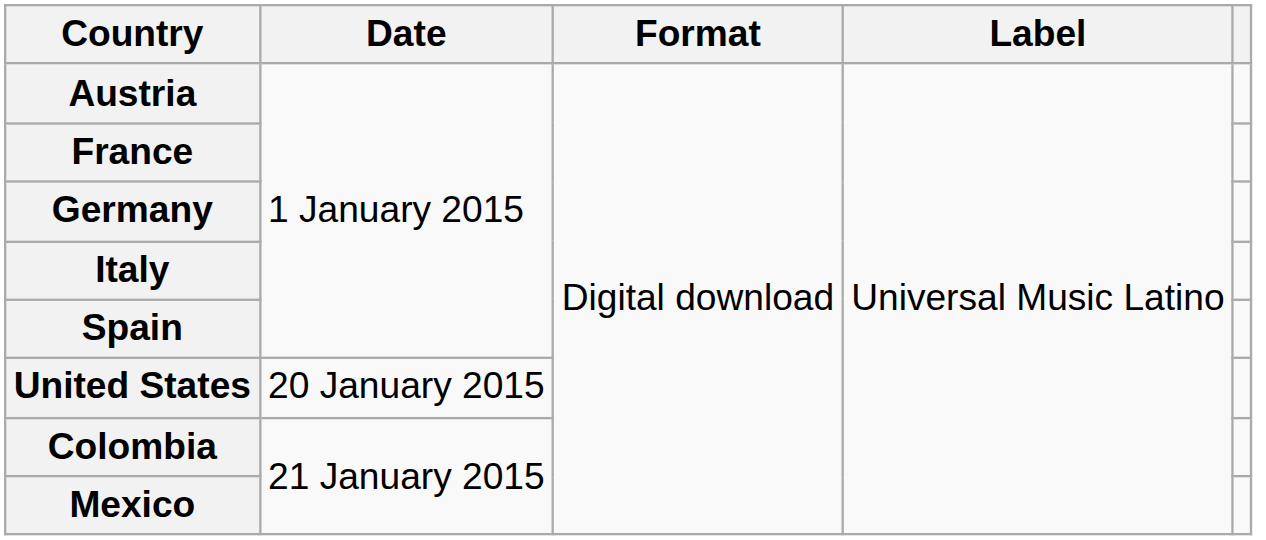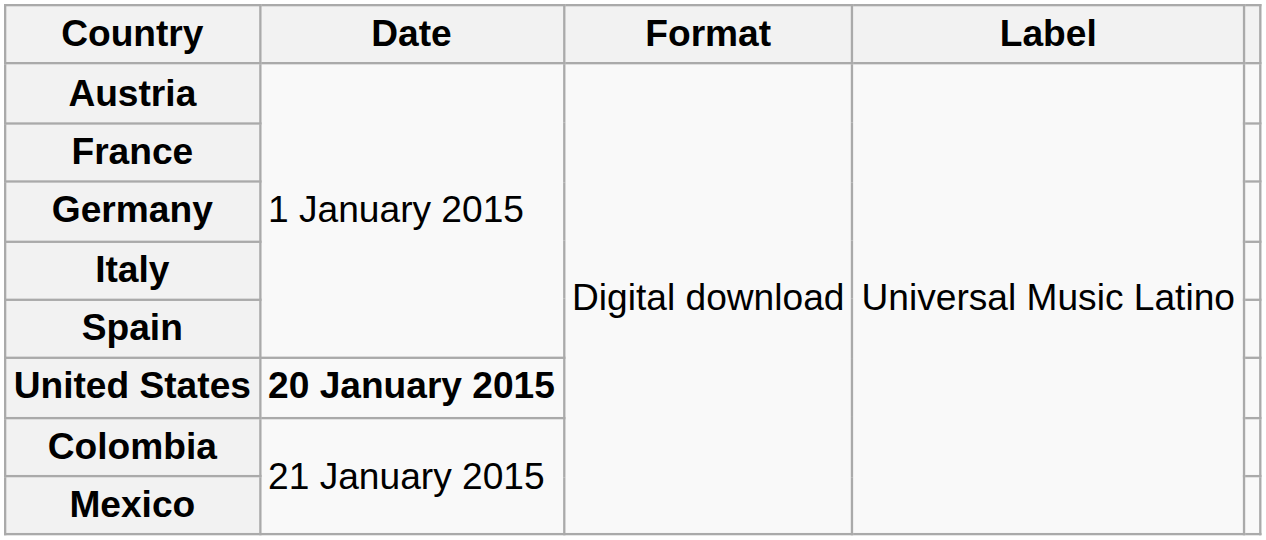 <table class="wikitable plainrowheaders">
 <tr>
 <th scope="col">Country</th>
 <th scope="col">Date</th>
 <th scope="col">Format</th>
 <th scope="col">Label</th>
 <th scope="col"></th>
 </tr>
 <tr>
 <th scope="row">Austria</th>
 <td rowspan="5">1 January 2015</td>
 <td rowspan="8">Digital download</td>
 <td rowspan="8">Universal Music Latino</td>
 <td></td>
 </tr>
 <tr>
 <th scope="row">France</th>
 <td></td>
 </tr>
 <tr>
 <th scope="row">Germany</th>
 <td></td>
 </tr>
 <tr>
 <th scope="row">Italy</th>
 <td></td>
 </tr>
 <tr>
 <th scope="row">Spain</th>
 <td></td>
 </tr>
 <tr>
 <th scope="row">United States</th>
-<td>20 January 2015</td>
+<td><strong>20 January 2015</strong></td>
 <td></td>
 </tr>
 <tr>
 <th scope="row">Colombia</th>
 <td rowspan="2">21 January 2015</td>
 <td></td>
 </tr>
 <tr>
 <th scope="row">Mexico</th>
 <td></td>
 </tr>
 </table>
